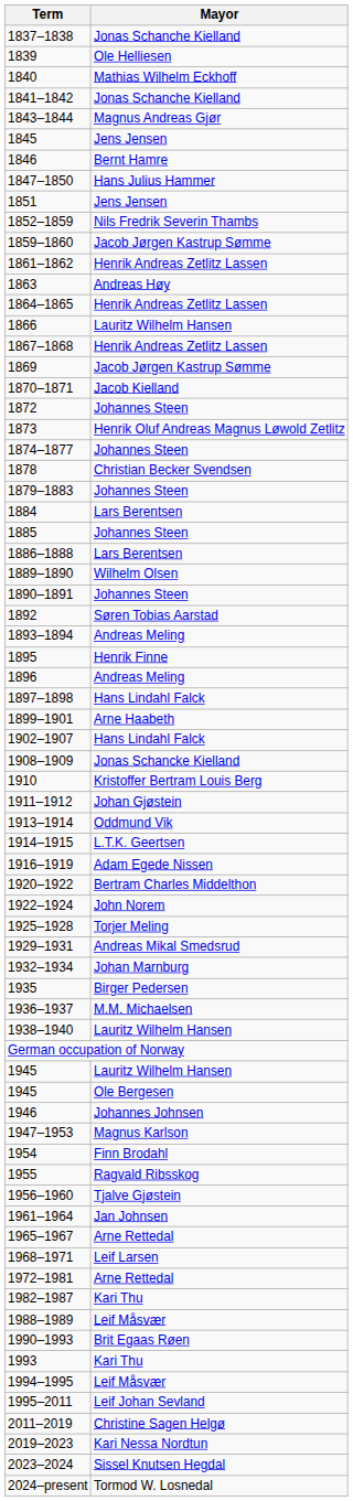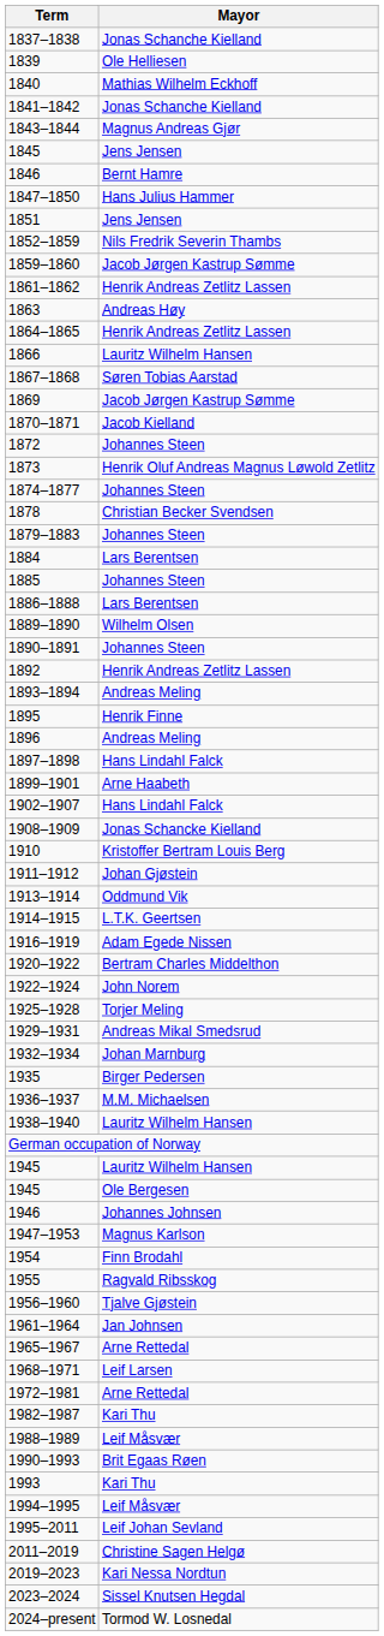 <table class="wikitable sortable">
 <tr>
 <th>Term</th>
 <th>Mayor</th>
 </tr>
 <tr>
 <td>1837–1838</td>
 <td><a href='#'>Jonas Schanche Kielland</a></td>
 </tr>
 <tr>
 <td>1839</td>
 <td><a href='#'>Ole Helliesen</a></td>
 </tr>
 <tr>
 <td>1840</td>
 <td><a href='#'>Mathias Wilhelm Eckhoff</a></td>
 </tr>
 <tr>
 <td>1841–1842</td>
 <td><a href='#'>Jonas Schanche Kielland</a></td>
 </tr>
 <tr>
 <td>1843–1844</td>
 <td><a href='#'>Magnus Andreas Gjør</a></td>
 </tr>
 <tr>
 <td>1845</td>
 <td><a href='#'>Jens Jensen</a></td>
 </tr>
 <tr>
 <td>1846</td>
 <td><a href='#'>Bernt Hamre</a></td>
 </tr>
 <tr>
 <td>1847–1850</td>
 <td><a href='#'>Hans Julius Hammer</a></td>
 </tr>
 <tr>
 <td>1851</td>
 <td><a href='#'>Jens Jensen</a></td>
 </tr>
 <tr>
 <td>1852–1859</td>
 <td><a href='#'>Nils Fredrik Severin Thambs</a></td>
 </tr>
 <tr>
 <td>1859–1860</td>
 <td><a href='#'>Jacob Jørgen Kastrup Sømme</a></td>
 </tr>
 <tr>
 <td>1861–1862</td>
 <td><a href='#'>Henrik Andreas Zetlitz Lassen</a></td>
 </tr>
 <tr>
 <td>1863</td>
 <td><a href='#'>Andreas Høy</a></td>
 </tr>
 <tr>
 <td>1864–1865</td>
 <td><a href='#'>Henrik Andreas Zetlitz Lassen</a></td>
 </tr>
 <tr>
 <td>1866</td>
 <td><a href='#'>Lauritz Wilhelm Hansen</a></td>
 </tr>
 <tr>
 <td>1867–1868</td>
-<td><a href='#'>Henrik Andreas Zetlitz Lassen</a></td>
+<td><a href='#'>Søren Tobias Aarstad</a></td>
 </tr>
 <tr>
 <td>1869</td>
 <td><a href='#'>Jacob Jørgen Kastrup Sømme</a></td>
 </tr>
 <tr>
 <td>1870–1871</td>
 <td><a href='#'>Jacob Kielland</a></td>
 </tr>
 <tr>
 <td>1872</td>
 <td><a href='#'>Johannes Steen</a></td>
 </tr>
 <tr>
 <td>1873</td>
 <td><a href='#'>Henrik Oluf Andreas Magnus Løwold Zetlitz</a></td>
 </tr>
 <tr>
 <td>1874–1877</td>
 <td><a href='#'>Johannes Steen</a></td>
 </tr>
 <tr>
 <td>1878</td>
 <td><a href='#'>Christian Becker Svendsen</a></td>
 </tr>
 <tr>
 <td>1879–1883</td>
 <td><a href='#'>Johannes Steen</a></td>
 </tr>
 <tr>
 <td>1884</td>
 <td><a href='#'>Lars Berentsen</a></td>
 </tr>
 <tr>
 <td>1885</td>
 <td><a href='#'>Johannes Steen</a></td>
 </tr>
 <tr>
 <td>1886–1888</td>
 <td><a href='#'>Lars Berentsen</a></td>
 </tr>
 <tr>
 <td>1889–1890</td>
 <td><a href='#'>Wilhelm Olsen</a></td>
 </tr>
 <tr>
 <td>1890–1891</td>
 <td><a href='#'>Johannes Steen</a></td>
 </tr>
 <tr>
 <td>1892</td>
-<td><a href='#'>Søren Tobias Aarstad</a></td>
+<td><a href='#'>Henrik Andreas Zetlitz Lassen</a></td>
 </tr>
 <tr>
 <td>1893–1894</td>
 <td><a href='#'>Andreas Meling</a></td>
 </tr>
 <tr>
 <td>1895</td>
 <td><a href='#'>Henrik Finne</a></td>
 </tr>
 <tr>
 <td>1896</td>
 <td><a href='#'>Andreas Meling</a></td>
 </tr>
 <tr>
 <td>1897–1898</td>
 <td><a href='#'>Hans Lindahl Falck</a></td>
 </tr>
 <tr>
 <td>1899–1901</td>
 <td><a href='#'>Arne Haabeth</a></td>
 </tr>
 <tr>
 <td>1902–1907</td>
 <td><a href='#'>Hans Lindahl Falck</a></td>
 </tr>
 <tr>
 <td>1908–1909</td>
 <td><a href='#'>Jonas Schancke Kielland</a></td>
 </tr>
 <tr>
 <td>1910</td>
 <td><a href='#'>Kristoffer Bertram Louis Berg</a></td>
 </tr>
 <tr>
 <td>1911–1912</td>
 <td><a href='#'>Johan Gjøstein</a></td>
 </tr>
 <tr>
 <td>1913–1914</td>
 <td><a href='#'>Oddmund Vik</a></td>
 </tr>
 <tr>
 <td>1914–1915</td>
 <td><a href='#'>L.T.K. Geertsen</a></td>
 </tr>
 <tr>
 <td>1916–1919</td>
 <td><a href='#'>Adam Egede Nissen</a></td>
 </tr>
 <tr>
 <td>1920–1922</td>
 <td><a href='#'>Bertram Charles Middelthon</a></td>
 </tr>
 <tr>
 <td>1922–1924</td>
 <td><a href='#'>John Norem</a></td>
 </tr>
 <tr>
 <td>1925–1928</td>
 <td><a href='#'>Torjer Meling</a></td>
 </tr>
 <tr>
 <td>1929–1931</td>
 <td><a href='#'>Andreas Mikal Smedsrud</a></td>
 </tr>
 <tr>
 <td>1932–1934</td>
 <td><a href='#'>Johan Marnburg</a></td>
 </tr>
 <tr>
 <td>1935</td>
 <td><a href='#'>Birger Pedersen</a></td>
 </tr>
 <tr>
 <td>1936–1937</td>
 <td><a href='#'>M.M. Michaelsen</a></td>
 </tr>
 <tr>
 <td>1938–1940</td>
 <td><a href='#'>Lauritz Wilhelm Hansen</a></td>
 </tr>
 <tr>
 <td colspan=2><a href='#'>German occupation of Norway</a></td>
 </tr>
 <tr>
 <td>1945</td>
 <td><a href='#'>Lauritz Wilhelm Hansen</a></td>
 </tr>
 <tr>
 <td>1945</td>
 <td><a href='#'>Ole Bergesen</a></td>
 </tr>
 <tr>
 <td>1946</td>
 <td><a href='#'>Johannes Johnsen</a></td>
 </tr>
 <tr>
 <td>1947–1953</td>
 <td><a href='#'>Magnus Karlson</a></td>
 </tr>
 <tr>
 <td>1954</td>
 <td><a href='#'>Finn Brodahl</a></td>
 </tr>
 <tr>
 <td>1955</td>
 <td><a href='#'>Ragvald Ribsskog</a></td>
 </tr>
 <tr>
 <td>1956–1960</td>
 <td><a href='#'>Tjalve Gjøstein</a></td>
 </tr>
 <tr>
 <td>1961–1964</td>
 <td><a href='#'>Jan Johnsen</a></td>
 </tr>
 <tr>
 <td>1965–1967</td>
 <td><a href='#'>Arne Rettedal</a></td>
 </tr>
 <tr>
 <td>1968–1971</td>
 <td><a href='#'>Leif Larsen</a></td>
 </tr>
 <tr>
 <td>1972–1981</td>
 <td><a href='#'>Arne Rettedal</a></td>
 </tr>
 <tr>
 <td>1982–1987</td>
 <td><a href='#'>Kari Thu</a></td>
 </tr>
 <tr>
 <td>1988–1989</td>
 <td><a href='#'>Leif Måsvær</a></td>
 </tr>
 <tr>
 <td>1990–1993</td>
 <td><a href='#'>Brit Egaas Røen</a></td>
 </tr>
 <tr>
 <td>1993</td>
 <td><a href='#'>Kari Thu</a></td>
 </tr>
 <tr>
 <td>1994–1995</td>
 <td><a href='#'>Leif Måsvær</a></td>
 </tr>
 <tr>
 <td>1995–2011</td>
 <td><a href='#'>Leif Johan Sevland</a></td>
 </tr>
 <tr>
 <td>2011–2019</td>
 <td><a href='#'>Christine Sagen Helgø</a></td>
 </tr>
 <tr>
 <td>2019–2023</td>
 <td><a href='#'>Kari Nessa Nordtun</a></td>
 </tr>
 <tr>
 <td>2023–2024</td>
 <td><a href='#'>Sissel Knutsen Hegdal</a></td>
 </tr>
 <tr>
 <td>2024–present</td>
 <td>Tormod W. Losnedal</td>
 </tr>
 </table>
